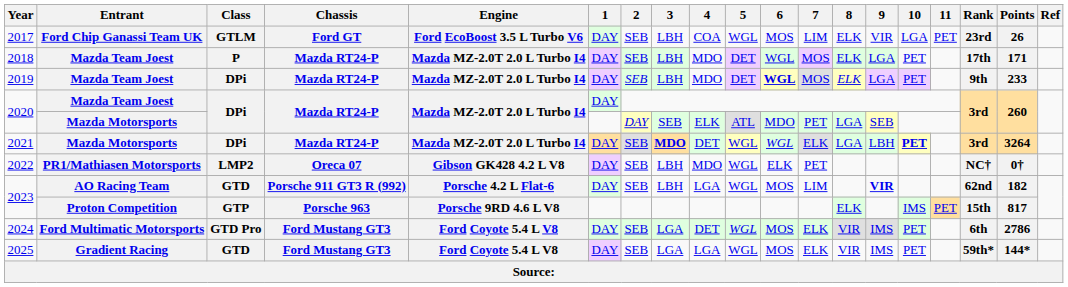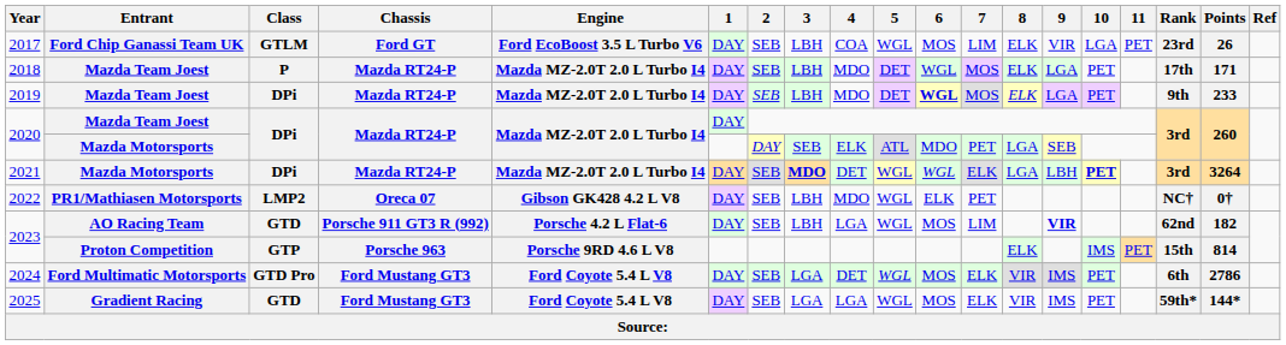 <table class="wikitable" style="text-align:center; font-size:90%">
 <tr>
 <th>Year</th>
 <th>Entrant</th>
 <th>Class</th>
 <th>Chassis</th>
 <th>Engine</th>
 <th>1</th>
 <th>2</th>
 <th>3</th>
 <th>4</th>
 <th>5</th>
 <th>6</th>
 <th>7</th>
 <th>8</th>
 <th>9</th>
 <th>10</th>
 <th>11</th>
 <th>Rank</th>
 <th>Points</th>
 <th>Ref</th>
 </tr>
 <tr>
 <td><a href='#'>2017</a></td>
 <th><a href='#'>Ford Chip Ganassi Team UK</a></th>
 <th>GTLM</th>
 <th><a href='#'>Ford GT</a></th>
 <th><a href='#'>Ford</a> <a href='#'>EcoBoost</a> 3.5 L Turbo <a href='#'>V6</a></th>
 <td style="background:#DFFFDF;"><a href='#'>DAY</a><br></td>
 <td><a href='#'>SEB</a></td>
 <td><a href='#'>LBH</a></td>
 <td><a href='#'>COA</a></td>
 <td><a href='#'>WGL</a></td>
 <td><a href='#'>MOS</a></td>
 <td><a href='#'>LIM</a></td>
 <td><a href='#'>ELK</a></td>
 <td><a href='#'>VIR</a></td>
 <td><a href='#'>LGA</a></td>
 <td><a href='#'>PET</a></td>
 <th>23rd</th>
 <th>26</th>
 <td></td>
 </tr>
 <tr>
 <td><a href='#'>2018</a></td>
 <th><a href='#'>Mazda Team Joest</a></th>
 <th>P</th>
 <th><a href='#'>Mazda RT24-P</a></th>
 <th><a href='#'>Mazda</a> MZ-2.0T 2.0 L Turbo <a href='#'>I4</a></th>
 <td style="background:#EFCFFF;"><a href='#'>DAY</a><br></td>
 <td style="background:#DFFFDF;"><a href='#'>SEB</a><br></td>
 <td style="background:#DFFFDF;"><a href='#'>LBH</a><br></td>
 <td><a href='#'>MDO</a></td>
 <td style="background:#EFCFFF;"><a href='#'>DET</a><br></td>
 <td style="background:#DFFFDF;"><a href='#'>WGL</a><br></td>
 <td style="background:#EFCFFF;"><a href='#'>MOS</a><br></td>
 <td style="background:#DFFFDF;"><a href='#'>ELK</a><br></td>
 <td style="background:#DFFFDF;"><a href='#'>LGA</a><br></td>
 <td><a href='#'>PET</a></td>
 <td></td>
 <th>17th</th>
 <th>171</th>
 <td></td>
 </tr>
 <tr>
 <td><a href='#'>2019</a></td>
 <th><a href='#'>Mazda Team Joest</a></th>
 <th>DPi</th>
 <th><a href='#'>Mazda RT24-P</a></th>
 <th><a href='#'>Mazda</a> MZ-2.0T 2.0 L Turbo <a href='#'>I4</a></th>
 <td style="background:#EFCFFF;"><a href='#'>DAY</a><br></td>
 <td style="background:#DFFFDF;"><em><a href='#'>SEB</a></em><br></td>
 <td style="background:#DFFFDF;"><a href='#'>LBH</a><br></td>
 <td><a href='#'>MDO</a></td>
 <td style="background:#EFCFFF;"><a href='#'>DET</a><br></td>
 <td style="background:#FFFFBF;"><strong><a href='#'>WGL</a></strong><br></td>
 <td style="background:#DFDFDF;"><a href='#'>MOS</a><br></td>
 <td style="background:#FFFFBF;"><em><a href='#'>ELK</a></em><br></td>
 <td style="background:#EFCFFF;"><a href='#'>LGA</a><br></td>
 <td style="background:#EFCFFF;"><a href='#'>PET</a><br></td>
 <td></td>
 <th>9th</th>
 <th>233</th>
 <td></td>
 </tr>
 <tr>
 <td rowspan=2><a href='#'>2020</a></td>
 <th><a href='#'>Mazda Team Joest</a></th>
 <th rowspan=2>DPi</th>
 <th rowspan=2><a href='#'>Mazda RT24-P</a></th>
 <th rowspan=2><a href='#'>Mazda</a> MZ-2.0T 2.0 L Turbo <a href='#'>I4</a></th>
 <td style="background:#DFFFDF;"><a href='#'>DAY</a><br></td>
 <td colspan=10></td>
 <th rowspan=2 style="background:#FFDF9F;">3rd</th>
 <th rowspan=2 style="background:#FFDF9F;">260</th>
 <td rowspan="2"></td>
 </tr>
 <tr>
 <th><a href='#'>Mazda Motorsports</a></th>
 <td></td>
 <td style="background:#FFFFBF;"><em><a href='#'>DAY</a></em><br></td>
 <td style="background:#DFFFDF;"><a href='#'>SEB</a><br></td>
 <td style="background:#DFFFDF;"><a href='#'>ELK</a><br></td>
 <td style="background:#DFDFDF;"><a href='#'>ATL</a><br></td>
 <td style="background:#DFFFDF;"><a href='#'>MDO</a><br></td>
 <td style="background:#DFFFDF;"><a href='#'>PET</a><br></td>
 <td style="background:#DFFFDF;"><a href='#'>LGA</a><br></td>
 <td style="background:#FFFFBF;"><a href='#'>SEB</a><br></td>
 <td colspan=2></td>
 </tr>
 <tr>
 <td><a href='#'>2021</a></td>
 <th><a href='#'>Mazda Motorsports</a></th>
 <th>DPi</th>
 <th><a href='#'>Mazda RT24-P</a></th>
 <th><a href='#'>Mazda</a> MZ-2.0T 2.0 L Turbo <a href='#'>I4</a></th>
 <td style="background:#FFDF9F;"><a href='#'>DAY</a><br></td>
 <td style="background:#DFDFDF;"><a href='#'>SEB</a><br></td>
 <td style="background:#FFDF9F;"><strong><a href='#'>MDO</a></strong><br></td>
 <td style="background:#DFFFDF;"><a href='#'>DET</a><br></td>
 <td style="background:#FFFFBF;"><a href='#'>WGL</a><br></td>
 <td style="background:#DFFFDF;"><em><a href='#'>WGL</a></em><br></td>
 <td style="background:#DFDFDF;"><a href='#'>ELK</a><br></td>
 <td style="background:#DFFFDF;"><a href='#'>LGA</a><br></td>
 <td style="background:#DFFFDF;"><a href='#'>LBH</a><br></td>
 <td style="background:#FFFFBF;"><strong><a href='#'>PET</a></strong><br></td>
 <td></td>
 <th style="background:#FFDF9F;">3rd</th>
 <th style="background:#FFDF9F;">3264</th>
 <td></td>
 </tr>
 <tr>
 <td><a href='#'>2022</a></td>
 <th><a href='#'>PR1/Mathiasen Motorsports</a></th>
 <th>LMP2</th>
 <th><a href='#'>Oreca 07</a></th>
 <th><a href='#'>Gibson</a> GK428 4.2 L V8</th>
 <td style="background:#EFCFFF;"><a href='#'>DAY</a><br></td>
 <td><a href='#'>SEB</a></td>
 <td><a href='#'>LBH</a></td>
 <td><a href='#'>MDO</a></td>
 <td><a href='#'>WGL</a></td>
 <td><a href='#'>ELK</a></td>
 <td><a href='#'>PET</a></td>
 <td></td>
 <td></td>
 <td></td>
 <td></td>
 <th>NC†</th>
 <th>0†</th>
 <td></td>
 </tr>
 <tr>
 <td rowspan=2><a href='#'>2023</a></td>
 <th><a href='#'>AO Racing Team</a></th>
 <th>GTD</th>
 <th><a href='#'>Porsche 911 GT3 R (992)</a></th>
 <th><a href='#'>Porsche</a> 4.2 L <a href='#'>Flat-6</a></th>
 <td style="background:#DFFFDF;"><a href='#'>DAY</a><br></td>
 <td><a href='#'>SEB</a></td>
 <td><a href='#'>LBH</a></td>
 <td><a href='#'>LGA</a></td>
 <td><a href='#'>WGL</a></td>
 <td><a href='#'>MOS</a></td>
 <td><a href='#'>LIM</a></td>
 <td></td>
 <td><strong><a href='#'>VIR</a></strong></td>
 <td></td>
 <td></td>
 <th>62nd</th>
 <th>182</th>
 <td rowspan="2"></td>
 </tr>
 <tr>
 <th><a href='#'>Proton Competition</a></th>
 <th>GTP</th>
 <th><a href='#'>Porsche 963</a></th>
 <th><a href='#'>Porsche</a> 9RD 4.6 L V8</th>
 <td></td>
 <td></td>
 <td></td>
 <td></td>
 <td></td>
 <td></td>
 <td></td>
 <td style="background:#DFFFDF;"><a href='#'>ELK</a><br></td>
 <td></td>
 <td style="background:#DFFFDF;"><a href='#'>IMS</a><br></td>
 <td style="background:#FFDF9F;"><a href='#'>PET</a><br></td>
 <th>15th</th>
-<th>817</th>
+<th>814</th>
 </tr>
 <tr>
 <td><a href='#'>2024</a></td>
 <th><a href='#'>Ford Multimatic Motorsports</a></th>
 <th>GTD Pro</th>
 <th><a href='#'>Ford Mustang GT3</a></th>
 <th><a href='#'>Ford</a> <a href='#'>Coyote</a> 5.4 L <a href='#'>V8</a></th>
 <td style="background:#DFFFDF;"><a href='#'>DAY</a><br></td>
 <td style="background:#DFFFDF;"><a href='#'>SEB</a><br></td>
 <td style="background:#DFFFDF;"><a href='#'>LGA</a><br></td>
 <td style="background:#DFFFDF;"><a href='#'>DET</a><br></td>
 <td style="background:#DFFFDF;"><em><a href='#'>WGL</a></em><br></td>
 <td style="background:#DFFFDF;"><a href='#'>MOS</a><br></td>
 <td style="background:#DFFFDF;"><a href='#'>ELK</a><br></td>
 <td style="background:#DFDFDF;"><a href='#'>VIR</a><br></td>
 <td style="background:#DFDFDF;"><a href='#'>IMS</a><br></td>
 <td style="background:#DFFFDF;"><a href='#'>PET</a><br></td>
 <td></td>
 <th>6th</th>
 <th>2786</th>
 <td></td>
 </tr>
 <tr>
 <td><a href='#'>2025</a></td>
 <th><a href='#'>Gradient Racing</a></th>
 <th>GTD</th>
 <th><a href='#'>Ford Mustang GT3</a></th>
 <th><a href='#'>Ford</a> <a href='#'>Coyote</a> 5.4 L V8</th>
 <td style="background:#EFCFFF;"><a href='#'>DAY</a><br></td>
 <td><a href='#'>SEB</a></td>
 <td><a href='#'>LGA</a></td>
 <td><a href='#'>LGA</a></td>
 <td><a href='#'>WGL</a></td>
 <td><a href='#'>MOS</a></td>
 <td><a href='#'>ELK</a></td>
 <td><a href='#'>VIR</a></td>
 <td><a href='#'>IMS</a></td>
 <td><a href='#'>PET</a></td>
 <td></td>
 <th>59th*</th>
 <th>144*</th>
 </tr>
 <tr>
 <th colspan="19">Source:</th>
 </tr>
 </table>
